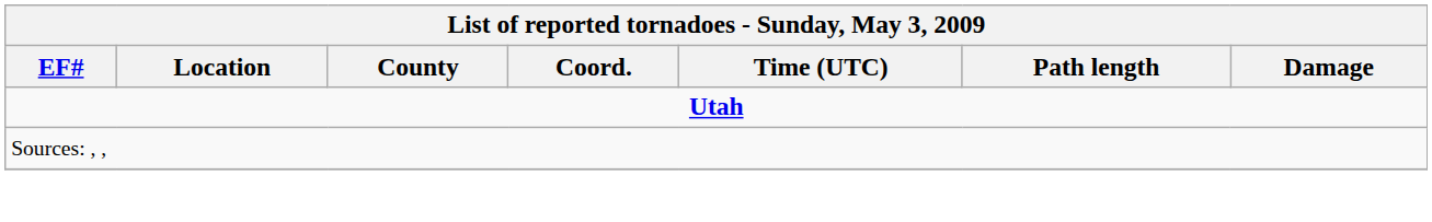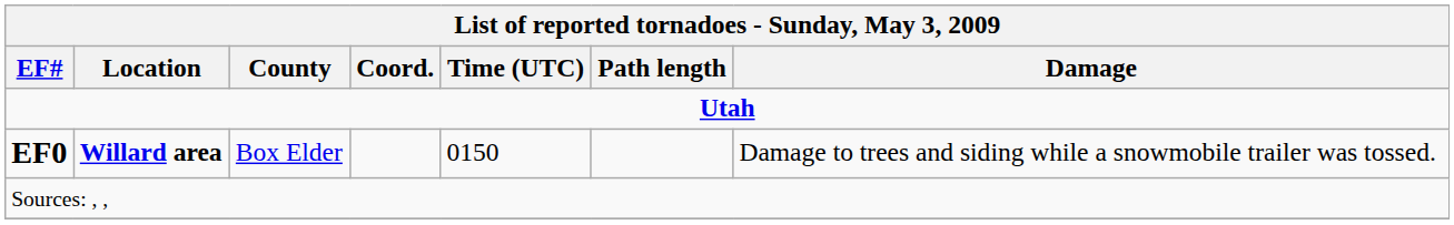 <table class="wikitable collapsible" width="100%">
 <tr>
 <th colspan="7">List of reported tornadoes - Sunday, May 3, 2009</th>
 </tr>
 <tr>
 <th><a href='#'>EF#</a></th>
 <th>Location</th>
 <th>County</th>
 <th>Coord.</th>
 <th>Time (UTC)</th>
 <th>Path length</th>
 <th>Damage</th>
 </tr>
 <tr>
 <td colspan="7" align=center><strong><a href='#'>Utah</a></strong></td>
 </tr>
 <tr>
+<td><big><strong>EF0</strong></big></td>
+<td><strong><a href='#'>Willard</a> area</strong></td>
+<td><a href='#'>Box Elder</a></td>
+<td></td>
+<td>0150</td>
+<td></td>
+<td>Damage to trees and siding while a snowmobile trailer was tossed.</td>
+</tr>
+<tr>
 <td colspan="7"><small>Sources: , , </small></td>
 </tr>
 <tr>
 </tr>
 </table>
